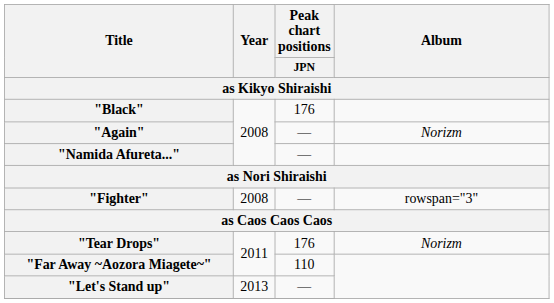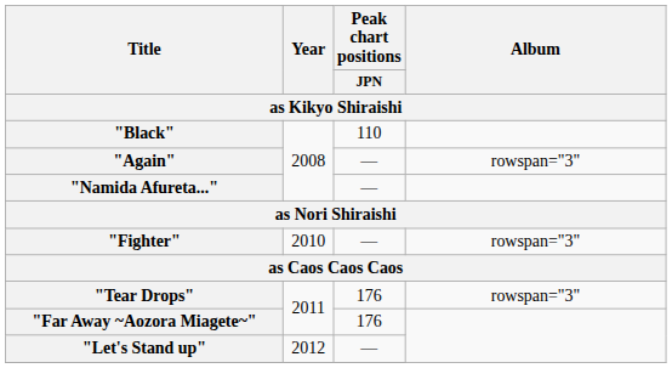 <table class="wikitable plainrowheaders" style="text-align:center;">
 <tr>
 <th scope="col" rowspan="2" style="width:16em;">Title</th>
 <th scope="col" rowspan="2" style="width:2.5em;">Year</th>
 <th scope="col" colspan="1" style="width:1.5em;">Peak chart positions</th>
 <th scope="col" rowspan="2" style="width:15em;">Album</th>
 </tr>
 <tr>
 <th style="width:3em;font-size:85%">JPN<br></th>
 </tr>
 <tr>
 <th colspan="4">as Kikyo Shiraishi</th>
 </tr>
 <tr>
 <th scope="row">"Black"</th>
 <td rowspan="3">2008</td>
-<td>176</td>
+<td>110</td>
 <td></td>
 </tr>
 <tr>
 <th scope="row">"Again"</th>
 <td>—</td>
-<td><em>Norizm</em></td>
+<td>rowspan="3" </td>
 </tr>
 <tr>
 <th scope="row">"Namida Afureta..."</th>
 <td>—</td>
 <td></td>
 </tr>
 <tr>
 <th colspan="4">as Nori Shiraishi</th>
 </tr>
 <tr>
 <th scope="row">"Fighter" </th>
-<td>2008</td>
+<td>2010</td>
 <td>—</td>
 <td>rowspan="3" </td>
 </tr>
 <tr>
 <th colspan="4">as Caos Caos Caos</th>
 </tr>
 <tr>
 <th scope="row">"Tear Drops"</th>
 <td rowspan="2">2011</td>
 <td>176</td>
-<td><em>Norizm</em></td>
+<td>rowspan="3" </td>
 </tr>
 <tr>
 <th scope="row">"Far Away ~Aozora Miagete~"</th>
-<td>110</td>
+<td>176</td>
 </tr>
 <tr>
 <th scope="row">"Let's Stand up"</th>
-<td>2013</td>
+<td>2012</td>
 <td>—</td>
 </tr>
 <tr>
 </tr>
 </table>
